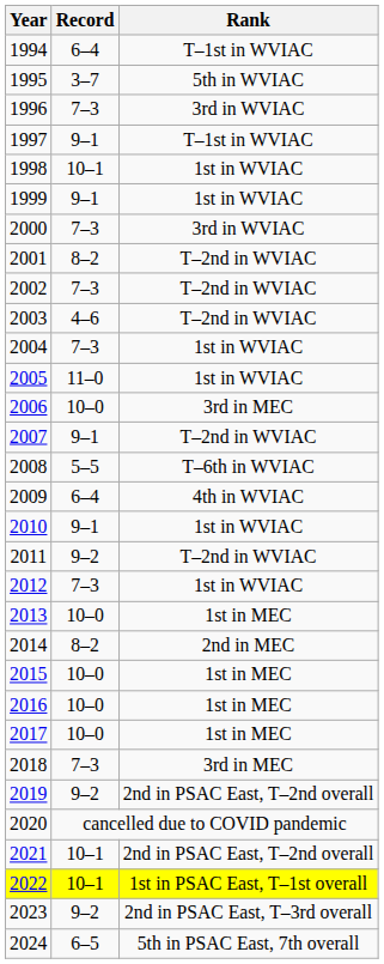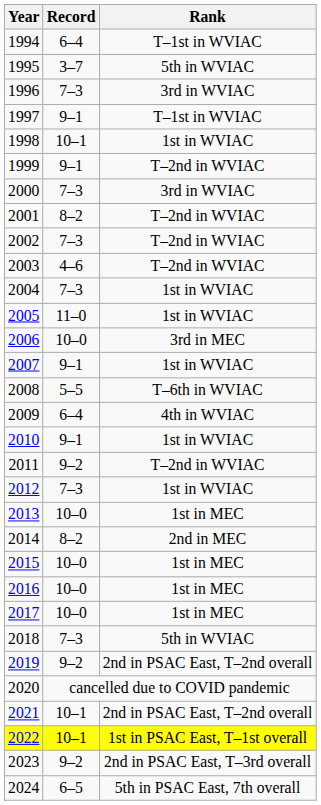 <table class="wikitable" style="text-align:center">
 <tr>
 <th>Year</th>
 <th>Record</th>
 <th>Rank</th>
 </tr>
 <tr>
 <td>1994</td>
 <td>6–4</td>
 <td>T–1st in WVIAC</td>
 </tr>
 <tr>
 <td>1995</td>
 <td>3–7</td>
 <td>5th in WVIAC</td>
 </tr>
 <tr>
 <td>1996</td>
 <td>7–3</td>
 <td>3rd in WVIAC</td>
 </tr>
 <tr>
 <td>1997</td>
 <td>9–1</td>
 <td>T–1st in WVIAC</td>
 </tr>
 <tr>
 <td>1998</td>
 <td>10–1</td>
 <td>1st in WVIAC</td>
 </tr>
 <tr>
 <td>1999</td>
 <td>9–1</td>
-<td>1st in WVIAC</td>
+<td>T–2nd in WVIAC</td>
 </tr>
 <tr>
 <td>2000</td>
 <td>7–3</td>
 <td>3rd in WVIAC</td>
 </tr>
 <tr>
 <td>2001</td>
 <td>8–2</td>
 <td>T–2nd in WVIAC</td>
 </tr>
 <tr>
 <td>2002</td>
 <td>7–3</td>
 <td>T–2nd in WVIAC</td>
 </tr>
 <tr>
 <td>2003</td>
 <td>4–6</td>
 <td>T–2nd in WVIAC</td>
 </tr>
 <tr>
 <td>2004</td>
 <td>7–3</td>
 <td>1st in WVIAC</td>
 </tr>
 <tr>
 <td><a href='#'>2005</a></td>
 <td>11–0</td>
 <td>1st in WVIAC</td>
 </tr>
 <tr>
 <td><a href='#'>2006</a></td>
 <td>10–0</td>
 <td>3rd in MEC</td>
 </tr>
 <tr>
 <td><a href='#'>2007</a></td>
 <td>9–1</td>
-<td>T–2nd in WVIAC</td>
+<td>1st in WVIAC</td>
 </tr>
 <tr>
 <td>2008</td>
 <td>5–5</td>
 <td>T–6th in WVIAC</td>
 </tr>
 <tr>
 <td>2009</td>
 <td>6–4</td>
 <td>4th in WVIAC</td>
 </tr>
 <tr>
 <td><a href='#'>2010</a></td>
 <td>9–1</td>
 <td>1st in WVIAC</td>
 </tr>
 <tr>
 <td>2011</td>
 <td>9–2</td>
 <td>T–2nd in WVIAC</td>
 </tr>
 <tr>
 <td><a href='#'>2012</a></td>
 <td>7–3</td>
 <td>1st in WVIAC</td>
 </tr>
 <tr>
 <td><a href='#'>2013</a></td>
 <td>10–0</td>
 <td>1st in MEC</td>
 </tr>
 <tr>
 <td>2014</td>
 <td>8–2</td>
 <td>2nd in MEC</td>
 </tr>
 <tr>
 <td><a href='#'>2015</a></td>
 <td>10–0</td>
 <td>1st in MEC</td>
 </tr>
 <tr>
 <td><a href='#'>2016</a></td>
 <td>10–0</td>
 <td>1st in MEC</td>
 </tr>
 <tr>
 <td><a href='#'>2017</a></td>
 <td>10–0</td>
 <td>1st in MEC</td>
 </tr>
 <tr>
 <td>2018</td>
 <td>7–3</td>
-<td>3rd in MEC</td>
+<td>5th in WVIAC</td>
 </tr>
 <tr>
 <td><a href='#'>2019</a></td>
 <td>9–2</td>
 <td>2nd in PSAC East, T–2nd overall</td>
 </tr>
 <tr>
 <td>2020</td>
 <td colspan="2">cancelled due to COVID pandemic</td>
 </tr>
 <tr>
 <td><a href='#'>2021</a></td>
 <td>10–1</td>
 <td>2nd in PSAC East, T–2nd overall</td>
 </tr>
 <tr>
 <td bgcolor="yellow"><a href='#'>2022</a></td>
 <td bgcolor="yellow">10–1</td>
 <td bgcolor="yellow">1st in PSAC East, T–1st overall</td>
 </tr>
 <tr>
 <td>2023</td>
 <td>9–2</td>
 <td>2nd in PSAC East, T–3rd overall</td>
 </tr>
 <tr>
 <td>2024</td>
 <td>6–5</td>
 <td>5th in PSAC East, 7th overall</td>
 </tr>
 </table>
